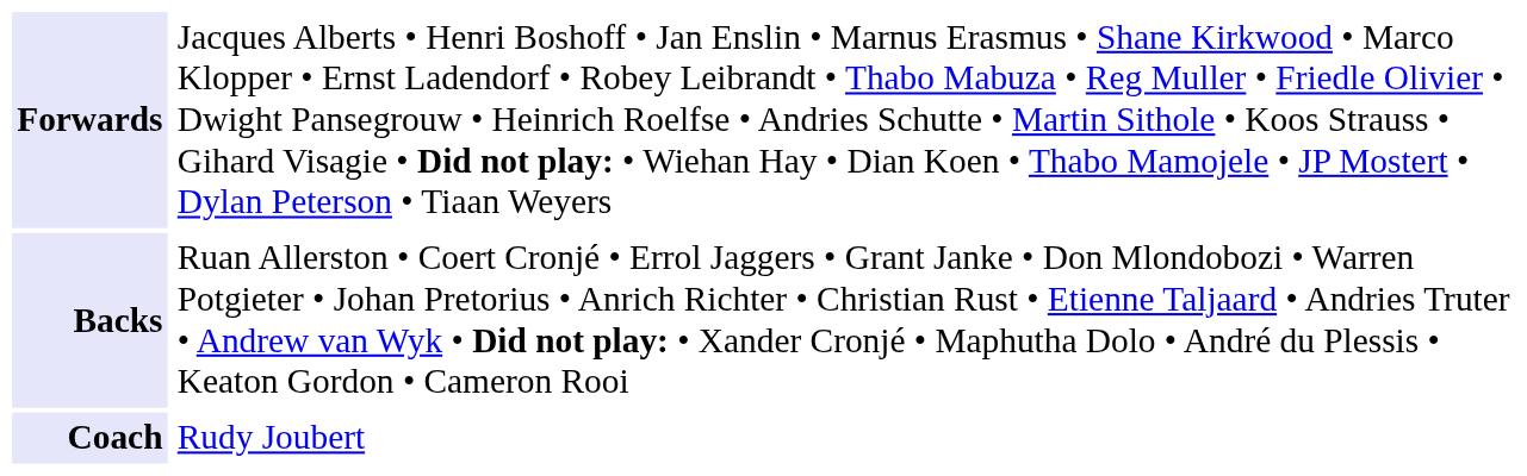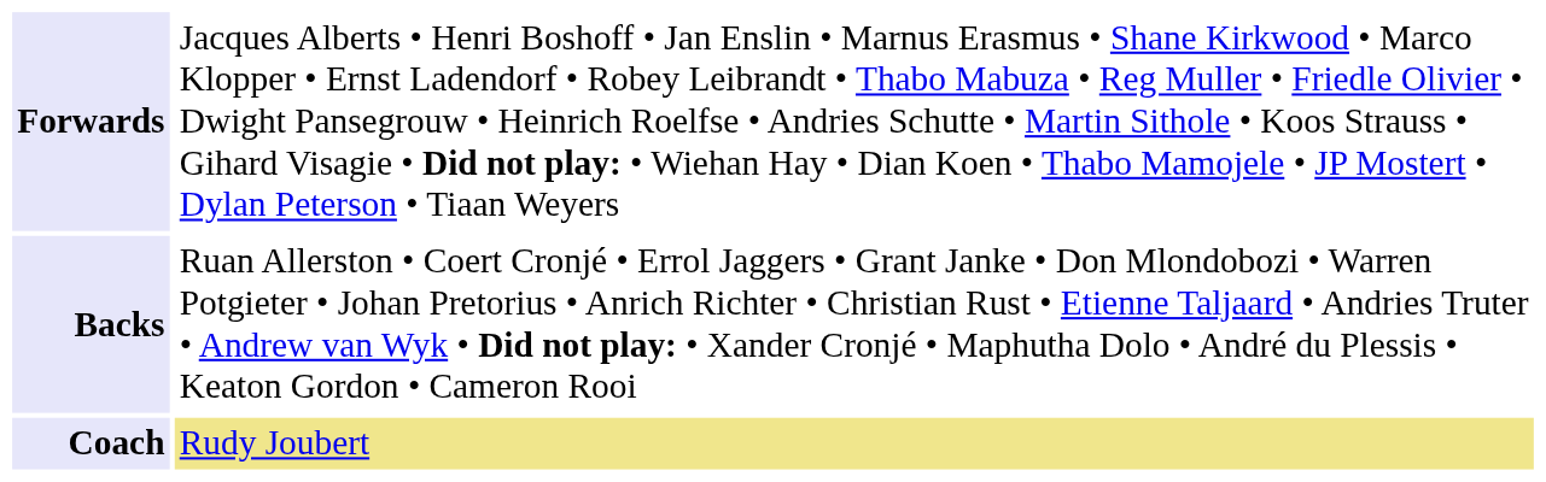 <table cellpadding="2" style="border: 1px solid white; font-size:90%;">
 <tr>
 <td style="text-align:right;" bgcolor="lavender"><strong>Forwards</strong></td>
 <td style="text-align:left;">Jacques Alberts • Henri Boshoff • Jan Enslin • Marnus Erasmus • <a href='#'>Shane Kirkwood</a> • Marco Klopper • Ernst Ladendorf • Robey Leibrandt • <a href='#'>Thabo Mabuza</a> • <a href='#'>Reg Muller</a> • <a href='#'>Friedle Olivier</a> • Dwight Pansegrouw • Heinrich Roelfse • Andries Schutte • <a href='#'>Martin Sithole</a> • Koos Strauss • Gihard Visagie • <strong>Did not play:</strong> • Wiehan Hay • Dian Koen • <a href='#'>Thabo Mamojele</a> • <a href='#'>JP Mostert</a> • <a href='#'>Dylan Peterson</a> • Tiaan Weyers</td>
 </tr>
 <tr>
 <td style="text-align:right;" bgcolor="lavender"><strong>Backs</strong></td>
 <td style="text-align:left;">Ruan Allerston • Coert Cronjé • Errol Jaggers • Grant Janke • Don Mlondobozi • Warren Potgieter • Johan Pretorius • Anrich Richter • Christian Rust • <a href='#'>Etienne Taljaard</a> • Andries Truter • <a href='#'>Andrew van Wyk</a> • <strong>Did not play:</strong> • Xander Cronjé • Maphutha Dolo • André du Plessis • Keaton Gordon • Cameron Rooi</td>
 </tr>
 <tr>
 <td style="text-align:right;" bgcolor="lavender"><strong>Coach</strong></td>
-<td style="text-align:left;"><a href='#'>Rudy Joubert</a></td>
+<td style="background: khaki; text-align:left;"><a href='#'>Rudy Joubert</a></td>
 </tr>
 </table>
